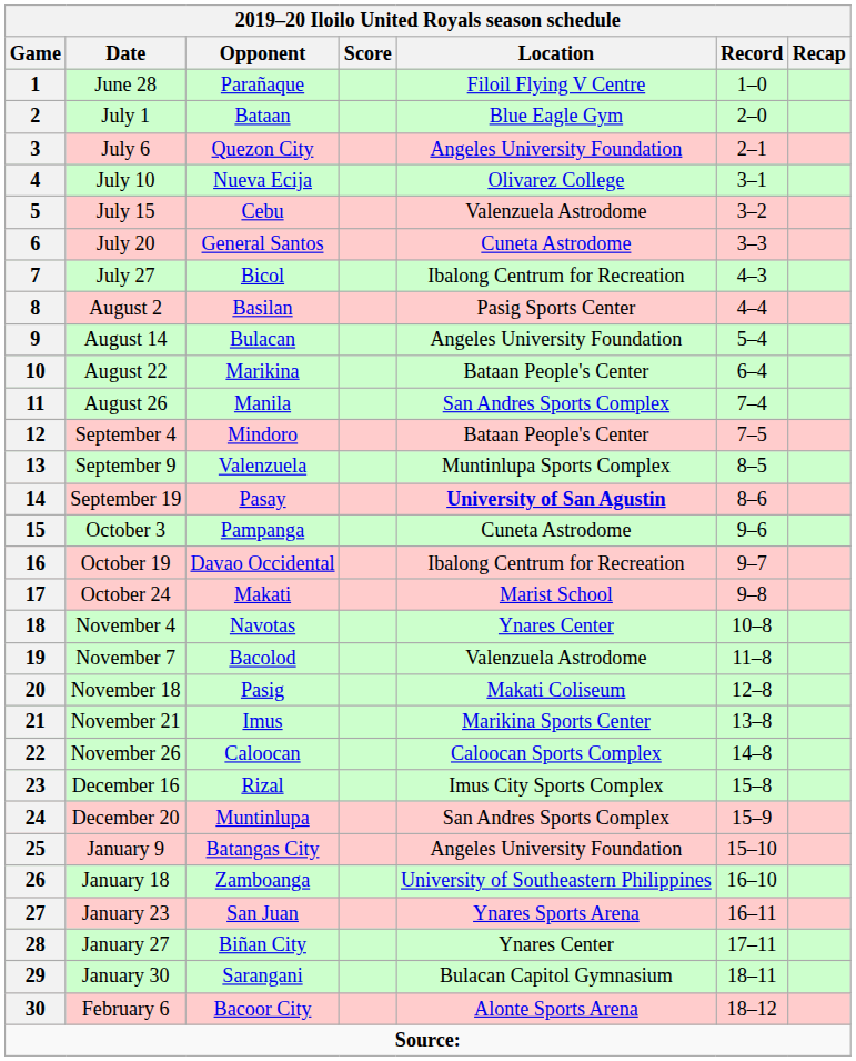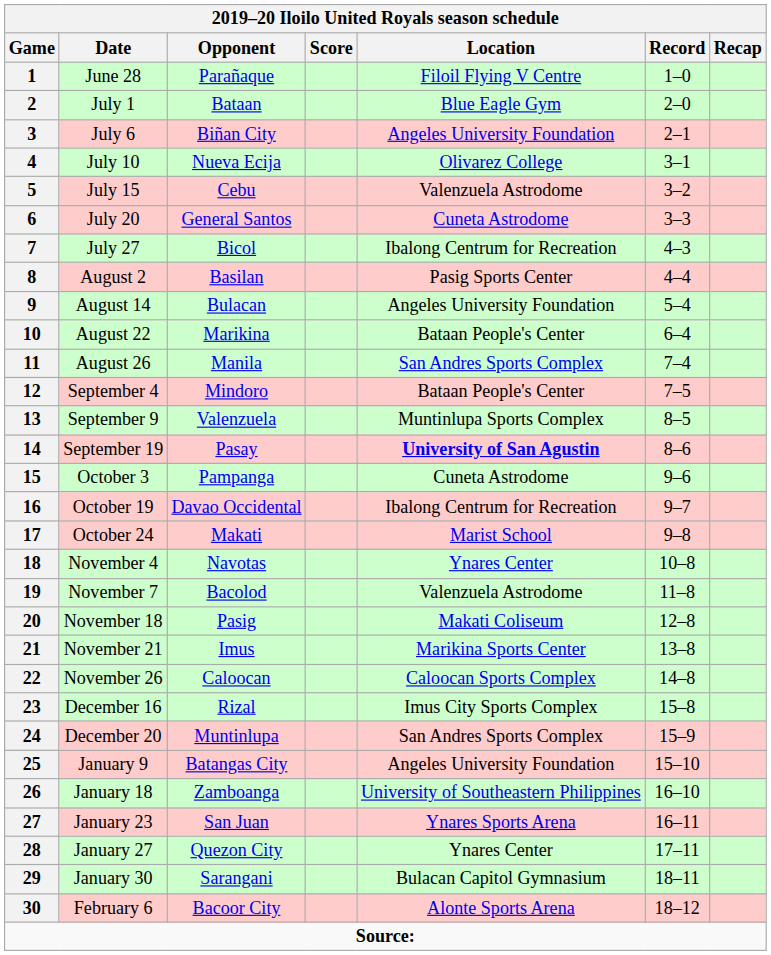 <table class="wikitable" style="text-align:center">
 <tr>
 <th colspan=7>2019–20 Iloilo United Royals season schedule</th>
 </tr>
 <tr>
 <th>Game</th>
 <th>Date</th>
 <th>Opponent</th>
 <th>Score</th>
 <th>Location</th>
 <th>Record</th>
 <th>Recap<br></th>
 </tr>
 <tr style="background:#cfc">
 <th>1</th>
 <td>June 28</td>
 <td><a href='#'>Parañaque</a></td>
 <td></td>
 <td><a href='#'>Filoil Flying V Centre</a></td>
 <td>1–0</td>
 <td></td>
 </tr>
 <tr style="background:#cfc">
 <th>2</th>
 <td>July 1</td>
 <td><a href='#'>Bataan</a></td>
 <td></td>
 <td><a href='#'>Blue Eagle Gym</a></td>
 <td>2–0</td>
 <td></td>
 </tr>
 <tr style="background:#fcc">
 <th>3</th>
 <td>July 6</td>
-<td><a href='#'>Quezon City</a></td>
+<td><a href='#'>Biñan City</a></td>
 <td></td>
 <td><a href='#'>Angeles University Foundation</a></td>
 <td>2–1</td>
 <td></td>
 </tr>
 <tr style="background:#cfc">
 <th>4</th>
 <td>July 10</td>
 <td><a href='#'>Nueva Ecija</a></td>
 <td></td>
 <td><a href='#'>Olivarez College</a></td>
 <td>3–1</td>
 <td></td>
 </tr>
 <tr style="background:#fcc">
 <th>5</th>
 <td>July 15</td>
 <td><a href='#'>Cebu</a></td>
 <td></td>
 <td>Valenzuela Astrodome</td>
 <td>3–2</td>
 <td></td>
 </tr>
 <tr style="background:#fcc">
 <th>6</th>
 <td>July 20</td>
 <td><a href='#'>General Santos</a></td>
 <td></td>
 <td><a href='#'>Cuneta Astrodome</a></td>
 <td>3–3</td>
 <td></td>
 </tr>
 <tr style="background:#cfc">
 <th>7</th>
 <td>July 27</td>
 <td><a href='#'>Bicol</a></td>
 <td></td>
 <td>Ibalong Centrum for Recreation</td>
 <td>4–3</td>
 <td></td>
 </tr>
 <tr style="background:#fcc">
 <th>8</th>
 <td>August 2</td>
 <td><a href='#'>Basilan</a></td>
 <td></td>
 <td>Pasig Sports Center</td>
 <td>4–4</td>
 <td></td>
 </tr>
 <tr style="background:#cfc">
 <th>9</th>
 <td>August 14</td>
 <td><a href='#'>Bulacan</a></td>
 <td></td>
 <td>Angeles University Foundation</td>
 <td>5–4</td>
 <td></td>
 </tr>
 <tr style="background:#cfc">
 <th>10</th>
 <td>August 22</td>
 <td><a href='#'>Marikina</a></td>
 <td></td>
 <td>Bataan People's Center</td>
 <td>6–4</td>
 <td></td>
 </tr>
 <tr style="background:#cfc">
 <th>11</th>
 <td>August 26</td>
 <td><a href='#'>Manila</a></td>
 <td></td>
 <td><a href='#'>San Andres Sports Complex</a></td>
 <td>7–4</td>
 <td><br></td>
 </tr>
 <tr style="background:#fcc">
 <th>12</th>
 <td>September 4</td>
 <td><a href='#'>Mindoro</a></td>
 <td></td>
 <td>Bataan People's Center</td>
 <td>7–5</td>
 <td></td>
 </tr>
 <tr style="background:#cfc">
 <th>13</th>
 <td>September 9</td>
 <td><a href='#'>Valenzuela</a></td>
 <td></td>
 <td>Muntinlupa Sports Complex</td>
 <td>8–5</td>
 <td></td>
 </tr>
 <tr style="background:#fcc">
 <th>14</th>
 <td>September 19</td>
 <td><a href='#'>Pasay</a></td>
 <td></td>
 <td><strong><a href='#'>University of San Agustin</a></strong></td>
 <td>8–6</td>
 <td></td>
 </tr>
 <tr style="background:#cfc">
 <th>15</th>
 <td>October 3</td>
 <td><a href='#'>Pampanga</a></td>
 <td></td>
 <td>Cuneta Astrodome</td>
 <td>9–6</td>
 <td></td>
 </tr>
 <tr style="background:#fcc">
 <th>16</th>
 <td>October 19</td>
 <td><a href='#'>Davao Occidental</a></td>
 <td></td>
 <td>Ibalong Centrum for Recreation</td>
 <td>9–7</td>
 <td></td>
 </tr>
 <tr style="background:#fcc">
 <th>17</th>
 <td>October 24</td>
 <td><a href='#'>Makati</a></td>
 <td></td>
 <td><a href='#'>Marist School</a></td>
 <td>9–8</td>
 <td></td>
 </tr>
 <tr style="background:#cfc">
 <th>18</th>
 <td>November 4</td>
 <td><a href='#'>Navotas</a></td>
 <td></td>
 <td><a href='#'>Ynares Center</a></td>
 <td>10–8</td>
 <td></td>
 </tr>
 <tr style="background:#cfc">
 <th>19</th>
 <td>November 7</td>
 <td><a href='#'>Bacolod</a></td>
 <td></td>
 <td>Valenzuela Astrodome</td>
 <td>11–8</td>
 <td></td>
 </tr>
 <tr style="background:#cfc">
 <th>20</th>
 <td>November 18</td>
 <td><a href='#'>Pasig</a></td>
 <td></td>
 <td><a href='#'>Makati Coliseum</a></td>
 <td>12–8</td>
 <td></td>
 </tr>
 <tr style="background:#cfc">
 <th>21</th>
 <td>November 21</td>
 <td><a href='#'>Imus</a></td>
 <td></td>
 <td><a href='#'>Marikina Sports Center</a></td>
 <td>13–8</td>
 <td></td>
 </tr>
 <tr style="background:#cfc">
 <th>22</th>
 <td>November 26</td>
 <td><a href='#'>Caloocan</a></td>
 <td></td>
 <td><a href='#'>Caloocan Sports Complex</a></td>
 <td>14–8</td>
 <td><br></td>
 </tr>
 <tr style="background:#cfc">
 <th>23</th>
 <td>December 16</td>
 <td><a href='#'>Rizal</a></td>
 <td></td>
 <td>Imus City Sports Complex</td>
 <td>15–8</td>
 <td></td>
 </tr>
 <tr style="background:#fcc">
 <th>24</th>
 <td>December 20</td>
 <td><a href='#'>Muntinlupa</a></td>
 <td></td>
 <td>San Andres Sports Complex</td>
 <td>15–9</td>
 <td></td>
 </tr>
 <tr style="background:#fcc">
 <th>25</th>
 <td>January 9</td>
 <td><a href='#'>Batangas City</a></td>
 <td></td>
 <td>Angeles University Foundation</td>
 <td>15–10</td>
 <td></td>
 </tr>
 <tr style="background:#cfc">
 <th>26</th>
 <td>January 18</td>
 <td><a href='#'>Zamboanga</a></td>
 <td></td>
 <td><a href='#'>University of Southeastern Philippines</a></td>
 <td>16–10</td>
 <td></td>
 </tr>
 <tr style="background:#fcc">
 <th>27</th>
 <td>January 23</td>
 <td><a href='#'>San Juan</a></td>
 <td></td>
 <td><a href='#'>Ynares Sports Arena</a></td>
 <td>16–11</td>
 <td></td>
 </tr>
 <tr style="background:#cfc">
 <th>28</th>
 <td>January 27</td>
-<td><a href='#'>Biñan City</a></td>
+<td><a href='#'>Quezon City</a></td>
 <td></td>
 <td>Ynares Center</td>
 <td>17–11</td>
 <td></td>
 </tr>
 <tr style="background:#cfc">
 <th>29</th>
 <td>January 30</td>
 <td><a href='#'>Sarangani</a></td>
 <td></td>
 <td>Bulacan Capitol Gymnasium</td>
 <td>18–11</td>
 <td></td>
 </tr>
 <tr style="background:#fcc">
 <th>30</th>
 <td>February 6</td>
 <td><a href='#'>Bacoor City</a></td>
 <td></td>
 <td><a href='#'>Alonte Sports Arena</a></td>
 <td>18–12</td>
 <td></td>
 </tr>
 <tr>
 <td colspan=7 align=center><strong>Source: </strong></td>
 </tr>
 </table>
